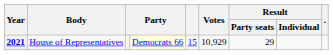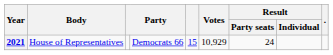 <table class="wikitable plainrowheaders sortable" border=2 cellpadding=4 cellspacing=0 style="border: 1px #aaa solid; font-size: 90%; text-align:center;">
 <tr>
 <th scope="col" rowspan=2>Year</th>
 <th scope="col" rowspan=2>Body</th>
 <th scope="col" colspan=2 rowspan=2>Party</th>
 <th scope="col" rowspan=2></th>
 <th scope="col" rowspan=2>Votes</th>
 <th scope="colgroup" colspan=2>Result</th>
 <th scope="col" rowspan=2 class="unsortable">.</th>
 </tr>
 <tr>
 <th scope="col">Party seats</th>
 <th scope="col">Individual</th>
 </tr>
 <tr>
 <th scope="row"><a href='#'>2021</a></th>
 <td><a href='#'>House of Representatives</a></td>
 <td style="background-color:"></td>
-<td style="background: lightyellow;"><a href='#'>Democrats 66</a></td>
+<td><a href='#'>Democrats 66</a></td>
 <td style=text-align:right><a href='#'>15</a></td>
 <td style=text-align:right>10,929</td>
-<td style=text-align:right>29</td>
+<td style=text-align:right>24</td>
 <td></td>
 <td></td>
 </tr>
 </table>
